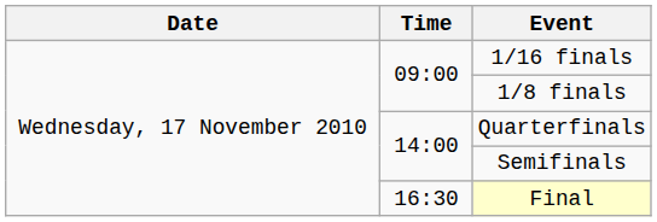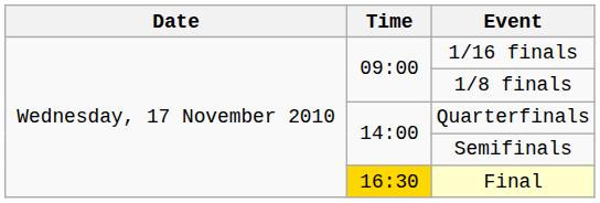 <table class = "wikitable" style="text-align:center;">
 <tr>
 <th width=220>Date</th>
 <th width=50>Time</th>
 <th width=100>Event</th>
 </tr>
 <tr>
 <td rowspan=5>Wednesday, 17 November 2010</td>
 <td rowspan=2>09:00</td>
 <td>1/16 finals</td>
 </tr>
 <tr>
 <td>1/8 finals</td>
 </tr>
 <tr>
 <td rowspan=2>14:00</td>
 <td>Quarterfinals</td>
 </tr>
 <tr>
 <td>Semifinals</td>
 </tr>
 <tr>
-<td>16:30</td>
+<td style="background: gold;">16:30</td>
 <td bgcolor=ffffcc>Final</td>
 </tr>
 </table>
